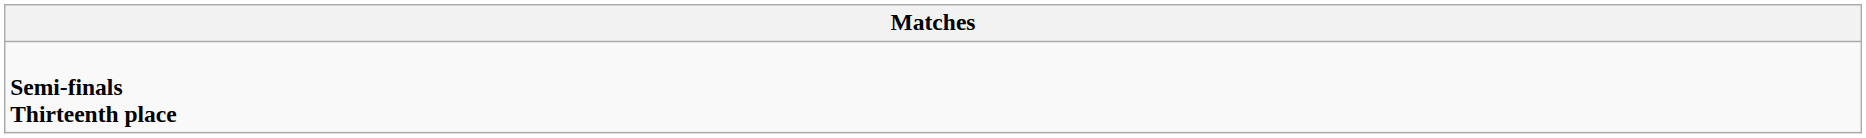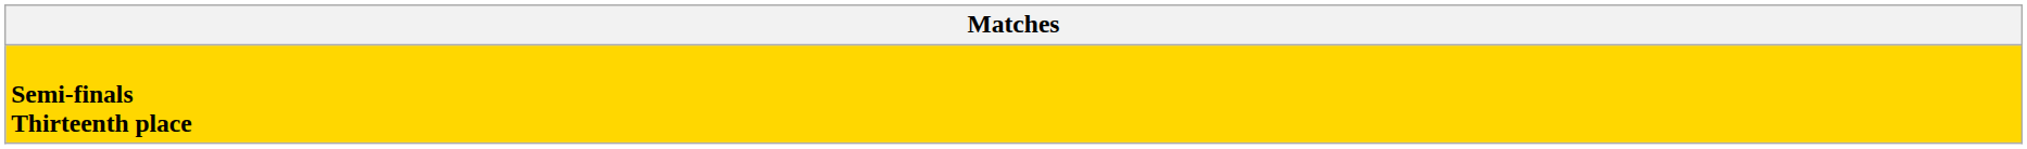 <table class="wikitable collapsible collapsed" style="width:100%;">
 <tr>
 <th>Matches</th>
 </tr>
 <tr>
-<td><br><strong>Semi-finals</strong>  <br><strong>Thirteenth place</strong> </td>
+<td style="background: gold;"><br><strong>Semi-finals</strong>  <br><strong>Thirteenth place</strong> </td>
 </tr>
 </table>
